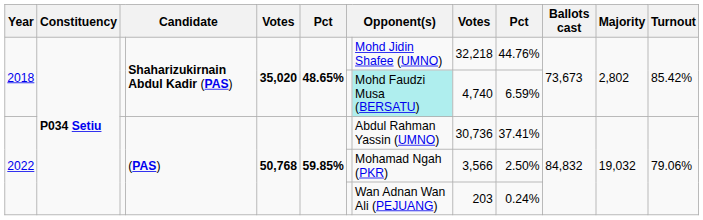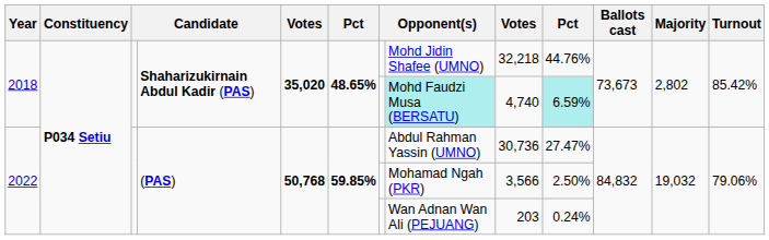 <table class="wikitable" style="margin:0.5em ; font-size:95%">
 <tr>
 <th>Year</th>
 <th>Constituency</th>
 <th colspan=2>Candidate</th>
 <th>Votes</th>
 <th>Pct</th>
 <th colspan=2>Opponent(s)</th>
 <th>Votes</th>
 <th>Pct</th>
 <th>Ballots cast</th>
 <th>Majority</th>
 <th>Turnout</th>
 </tr>
 <tr>
 <td rowspan=2><a href='#'>2018</a></td>
 <td rowspan=5><strong>P034 <a href='#'>Setiu</a></strong></td>
 <td rowspan=2 ></td>
 <td rowspan=2><strong>Shaharizukirnain Abdul Kadir</strong> (<a href='#'><strong>PAS</strong></a>)</td>
 <td rowspan=2 align="right"><strong>35,020</strong></td>
 <td rowspan=2><strong>48.65%</strong></td>
 <td></td>
 <td><a href='#'>Mohd Jidin Shafee</a> (<a href='#'>UMNO</a>)</td>
 <td align="right">32,218</td>
 <td>44.76%</td>
 <td rowspan=2>73,673</td>
 <td rowspan=2>2,802</td>
 <td rowspan=2>85.42%</td>
 </tr>
 <tr>
 <td></td>
 <td style="background: paleturquoise;">Mohd Faudzi Musa (<a href='#'>BERSATU</a>)</td>
 <td align="right">4,740</td>
-<td align="right">6.59%</td>
+<td align="right" style="background: paleturquoise;">6.59%</td>
 </tr>
 <tr>
 <td rowspan=3><a href='#'>2022</a></td>
 <td rowspan=3 ></td>
 <td rowspan=3> (<a href='#'><strong>PAS</strong></a>)</td>
 <td rowspan=3 align="right"><strong>50,768</strong></td>
 <td rowspan=3><strong>59.85%</strong></td>
 <td></td>
 <td>Abdul Rahman Yassin (<a href='#'>UMNO</a>)</td>
 <td align="right">30,736</td>
-<td>37.41%</td>
+<td>27.47%</td>
 <td rowspan=3>84,832</td>
 <td rowspan=3>19,032</td>
 <td rowspan=3>79.06%</td>
 </tr>
 <tr>
 <td></td>
 <td>Mohamad Ngah (<a href='#'>PKR</a>)</td>
 <td align="right">3,566</td>
 <td align="right">2.50%</td>
 </tr>
 <tr>
 <td bgcolor=></td>
 <td>Wan Adnan Wan Ali (<a href='#'>PEJUANG</a>)</td>
 <td align="right">203</td>
 <td align="right">0.24%</td>
 </tr>
 </table>
